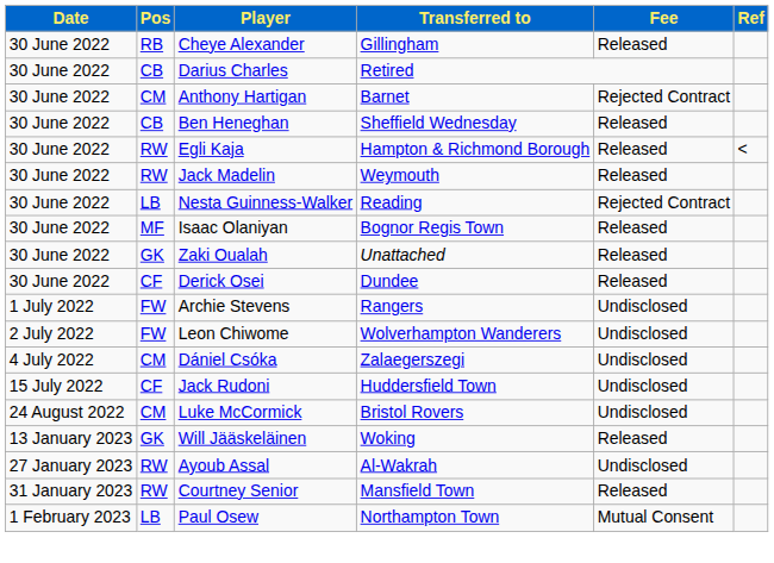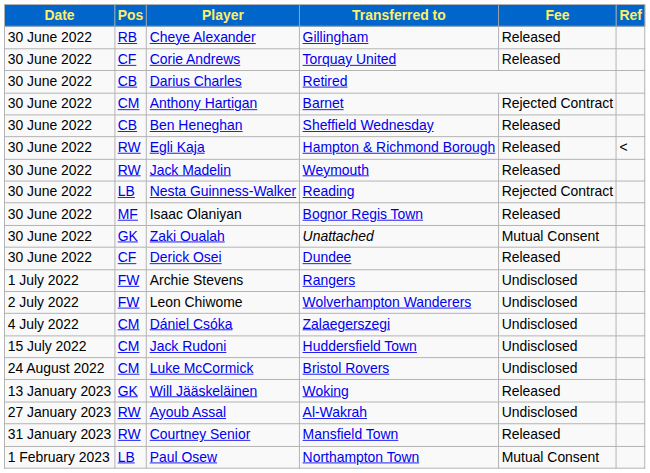 <table class="wikitable plainrowheaders sortable">
 <tr>
 <th style="background:#0066cb; color:#ffee66; ">Date</th>
 <th style="background:#0066cb; color:#ffee66; ">Pos</th>
 <th style="background:#0066cb; color:#ffee66; ">Player</th>
 <th style="background:#0066cb; color:#ffee66; ">Transferred to</th>
 <th style="background:#0066cb; color:#ffee66; ">Fee</th>
 <th style="background:#0066cb; color:#ffee66; ">Ref</th>
 </tr>
 <tr>
 <td>30 June 2022</td>
 <td><a href='#'>RB</a></td>
 <td> <a href='#'>Cheye Alexander</a></td>
 <td> <a href='#'>Gillingham</a></td>
+<td>Released</td>
+<td></td>
+</tr>
+<tr>
+<td>30 June 2022</td>
+<td><a href='#'>CF</a></td>
+<td> <a href='#'>Corie Andrews</a></td>
+<td> <a href='#'>Torquay United</a></td>
 <td>Released</td>
 <td></td>
 </tr>
 <tr>
 <td>30 June 2022</td>
 <td><a href='#'>CB</a></td>
 <td> <a href='#'>Darius Charles</a></td>
 <td colspan="2"> <a href='#'>Retired</a></td>
 <td></td>
 </tr>
 <tr>
 <td>30 June 2022</td>
 <td><a href='#'>CM</a></td>
 <td> <a href='#'>Anthony Hartigan</a></td>
 <td> <a href='#'>Barnet</a></td>
 <td>Rejected Contract</td>
 <td></td>
 </tr>
 <tr>
 <td>30 June 2022</td>
 <td><a href='#'>CB</a></td>
 <td> <a href='#'>Ben Heneghan</a></td>
 <td> <a href='#'>Sheffield Wednesday</a></td>
 <td>Released</td>
 <td></td>
 </tr>
 <tr>
 <td>30 June 2022</td>
 <td><a href='#'>RW</a></td>
 <td> <a href='#'>Egli Kaja</a></td>
 <td> <a href='#'>Hampton & Richmond Borough</a></td>
 <td>Released</td>
 <td><</td>
 </tr>
 <tr>
 <td>30 June 2022</td>
 <td><a href='#'>RW</a></td>
 <td> <a href='#'>Jack Madelin</a></td>
 <td> <a href='#'>Weymouth</a></td>
 <td>Released</td>
 <td></td>
 </tr>
 <tr>
 <td>30 June 2022</td>
 <td><a href='#'>LB</a></td>
 <td> <a href='#'>Nesta Guinness-Walker</a></td>
 <td> <a href='#'>Reading</a></td>
 <td>Rejected Contract</td>
 <td></td>
 </tr>
 <tr>
 <td>30 June 2022</td>
 <td><a href='#'>MF</a></td>
 <td> Isaac Olaniyan</td>
 <td> <a href='#'>Bognor Regis Town</a></td>
 <td>Released</td>
 <td></td>
 </tr>
 <tr>
 <td>30 June 2022</td>
 <td><a href='#'>GK</a></td>
 <td> <a href='#'>Zaki Oualah</a></td>
 <td> <em>Unattached</em></td>
-<td>Released</td>
+<td>Mutual Consent</td>
 <td></td>
 </tr>
 <tr>
 <td>30 June 2022</td>
 <td><a href='#'>CF</a></td>
 <td> <a href='#'>Derick Osei</a></td>
 <td> <a href='#'>Dundee</a></td>
 <td>Released</td>
 <td></td>
 </tr>
 <tr>
 <td>1 July 2022</td>
 <td><a href='#'>FW</a></td>
 <td> Archie Stevens</td>
 <td> <a href='#'>Rangers</a></td>
 <td>Undisclosed</td>
 <td></td>
 </tr>
 <tr>
 <td>2 July 2022</td>
 <td><a href='#'>FW</a></td>
 <td> Leon Chiwome</td>
 <td> <a href='#'>Wolverhampton Wanderers</a></td>
 <td>Undisclosed</td>
 <td></td>
 </tr>
 <tr>
 <td>4 July 2022</td>
 <td><a href='#'>CM</a></td>
 <td> <a href='#'>Dániel Csóka</a></td>
 <td> <a href='#'>Zalaegerszegi</a></td>
 <td>Undisclosed</td>
 <td></td>
 </tr>
 <tr>
 <td>15 July 2022</td>
-<td><a href='#'>CF</a></td>
+<td><a href='#'>CM</a></td>
 <td> <a href='#'>Jack Rudoni</a></td>
 <td> <a href='#'>Huddersfield Town</a></td>
 <td>Undisclosed</td>
 <td></td>
 </tr>
 <tr>
 <td>24 August 2022</td>
 <td><a href='#'>CM</a></td>
 <td> <a href='#'>Luke McCormick</a></td>
 <td> <a href='#'>Bristol Rovers</a></td>
 <td>Undisclosed</td>
 <td></td>
 </tr>
 <tr>
 <td>13 January 2023</td>
 <td><a href='#'>GK</a></td>
 <td> <a href='#'>Will Jääskeläinen</a></td>
 <td> <a href='#'>Woking</a></td>
 <td>Released</td>
 <td></td>
 </tr>
 <tr>
 <td>27 January 2023</td>
 <td><a href='#'>RW</a></td>
 <td> <a href='#'>Ayoub Assal</a></td>
 <td> <a href='#'>Al-Wakrah</a></td>
 <td>Undisclosed</td>
 <td></td>
 </tr>
 <tr>
 <td>31 January 2023</td>
 <td><a href='#'>RW</a></td>
 <td> <a href='#'>Courtney Senior</a></td>
 <td> <a href='#'>Mansfield Town</a></td>
 <td>Released</td>
 <td></td>
 </tr>
 <tr>
 <td>1 February 2023</td>
 <td><a href='#'>LB</a></td>
 <td> <a href='#'>Paul Osew</a></td>
 <td> <a href='#'>Northampton Town</a></td>
 <td>Mutual Consent</td>
 <td></td>
 </tr>
 </table>
